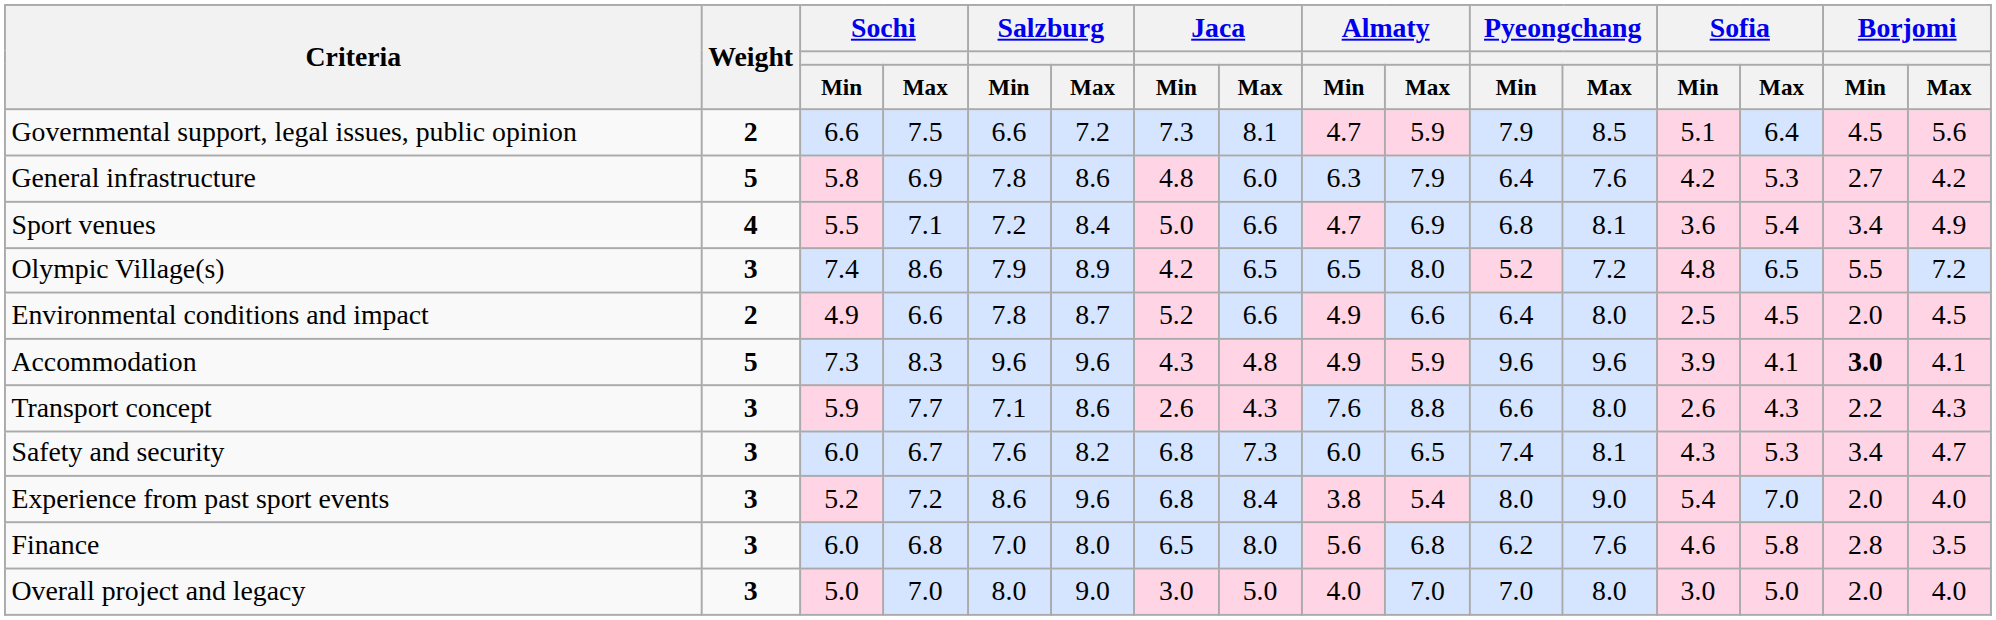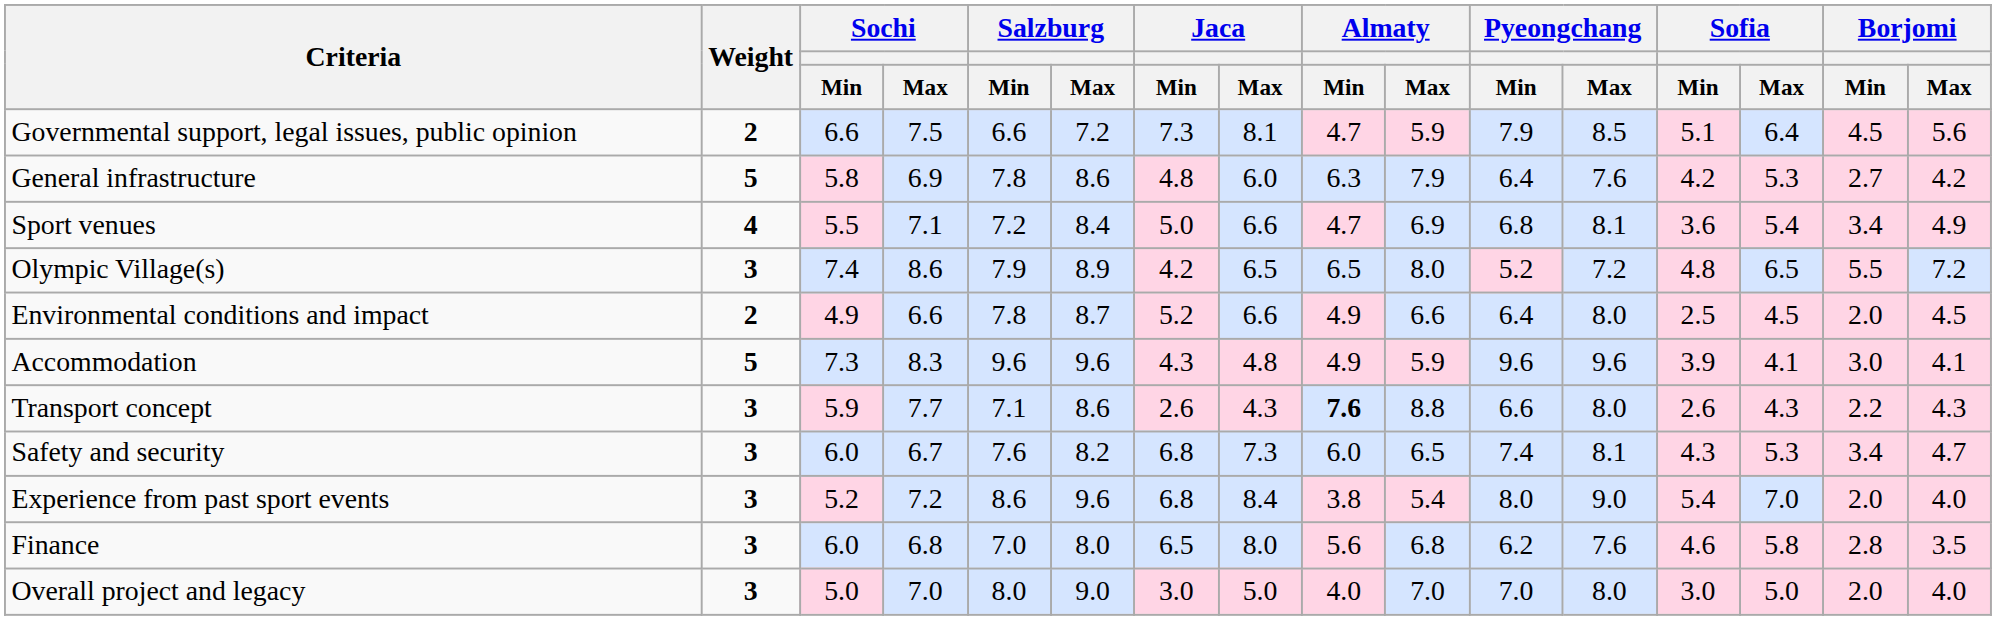 <table class="wikitable" style="margin:1em auto; width: 1030px; text-align:center; font-size:90%">
 <tr>
 <th rowspan="3">Criteria</th>
 <th width="30px" rowspan="3">Weight</th>
 <th width="80px" colspan="2" valign="bottom"><a href='#'>Sochi</a></th>
 <th width="80px" colspan="2" valign="bottom"><a href='#'>Salzburg</a></th>
 <th width="80px" colspan="2" valign="bottom"><a href='#'>Jaca</a></th>
 <th width="80px" colspan="2" valign="bottom"><a href='#'>Almaty</a></th>
 <th width="90px" colspan="2" valign="bottom"><a href='#'>Pyeongchang</a></th>
 <th width="80px" colspan="2" valign="bottom"><a href='#'>Sofia</a></th>
 <th width="80px" colspan="2" valign="bottom"><a href='#'>Borjomi</a></th>
 </tr>
 <tr>
 <th colspan="2"></th>
 <th colspan="2"></th>
 <th colspan="2"></th>
 <th colspan="2"></th>
 <th colspan="2"></th>
 <th colspan="2"></th>
 <th colspan="2"></th>
 </tr>
 <tr>
 <th width="25px"><small>Min</small></th>
 <th width="25px"><small>Max</small></th>
 <th width="25px"><small>Min</small></th>
 <th width="25px"><small>Max</small></th>
 <th width="25px"><small>Min</small></th>
 <th width="25px"><small>Max</small></th>
 <th width="25px"><small>Min</small></th>
 <th width="25px"><small>Max</small></th>
 <th width="25px"><small>Min</small></th>
 <th width="25px"><small>Max</small></th>
 <th width="25px"><small>Min</small></th>
 <th width="25px"><small>Max</small></th>
 <th width="25px"><small>Min</small></th>
 <th width="25px"><small>Max</small></th>
 </tr>
 <tr>
 <td align="left">Governmental support, legal issues, public opinion</td>
 <td><strong>2</strong></td>
 <td style="background: #d5e5ff">6.6</td>
 <td style="background: #d5e5ff">7.5</td>
 <td style="background: #d5e5ff">6.6</td>
 <td style="background: #d5e5ff">7.2</td>
 <td style="background: #d5e5ff">7.3</td>
 <td style="background: #d5e5ff">8.1</td>
 <td style="background: #ffd5e5">4.7</td>
 <td style="background: #ffd5e5">5.9</td>
 <td style="background: #d5e5ff">7.9</td>
 <td style="background: #d5e5ff">8.5</td>
 <td style="background: #ffd5e5">5.1</td>
 <td style="background: #d5e5ff">6.4</td>
 <td style="background: #ffd5e5">4.5</td>
 <td style="background: #ffd5e5">5.6</td>
 </tr>
 <tr>
 <td align="left">General infrastructure</td>
 <td><strong>5</strong></td>
 <td style="background: #ffd5e5">5.8</td>
 <td style="background: #d5e5ff">6.9</td>
 <td style="background: #d5e5ff">7.8</td>
 <td style="background: #d5e5ff">8.6</td>
 <td style="background: #ffd5e5">4.8</td>
 <td style="background: #d5e5ff">6.0</td>
 <td style="background: #d5e5ff">6.3</td>
 <td style="background: #d5e5ff">7.9</td>
 <td style="background: #d5e5ff">6.4</td>
 <td style="background: #d5e5ff">7.6</td>
 <td style="background: #ffd5e5">4.2</td>
 <td style="background: #ffd5e5">5.3</td>
 <td style="background: #ffd5e5">2.7</td>
 <td style="background: #ffd5e5">4.2</td>
 </tr>
 <tr>
 <td align="left">Sport venues</td>
 <td><strong>4</strong></td>
 <td style="background: #ffd5e5">5.5</td>
 <td style="background: #d5e5ff">7.1</td>
 <td style="background: #d5e5ff">7.2</td>
 <td style="background: #d5e5ff">8.4</td>
 <td style="background: #ffd5e5">5.0</td>
 <td style="background: #d5e5ff">6.6</td>
 <td style="background: #ffd5e5">4.7</td>
 <td style="background: #d5e5ff">6.9</td>
 <td style="background: #d5e5ff">6.8</td>
 <td style="background: #d5e5ff">8.1</td>
 <td style="background: #ffd5e5">3.6</td>
 <td style="background: #ffd5e5">5.4</td>
 <td style="background: #ffd5e5">3.4</td>
 <td style="background: #ffd5e5">4.9</td>
 </tr>
 <tr>
 <td align="left">Olympic Village(s)</td>
 <td><strong>3</strong></td>
 <td style="background: #d5e5ff">7.4</td>
 <td style="background: #d5e5ff">8.6</td>
 <td style="background: #d5e5ff">7.9</td>
 <td style="background: #d5e5ff">8.9</td>
 <td style="background: #ffd5e5">4.2</td>
 <td style="background: #d5e5ff">6.5</td>
 <td style="background: #d5e5ff">6.5</td>
 <td style="background: #d5e5ff">8.0</td>
 <td style="background: #ffd5e5">5.2</td>
 <td style="background: #d5e5ff">7.2</td>
 <td style="background: #ffd5e5">4.8</td>
 <td style="background: #d5e5ff">6.5</td>
 <td style="background: #ffd5e5">5.5</td>
 <td style="background: #d5e5ff">7.2</td>
 </tr>
 <tr>
 <td align="left">Environmental conditions and impact</td>
 <td><strong>2</strong></td>
 <td style="background: #ffd5e5">4.9</td>
 <td style="background: #d5e5ff">6.6</td>
 <td style="background: #d5e5ff">7.8</td>
 <td style="background: #d5e5ff">8.7</td>
 <td style="background: #ffd5e5">5.2</td>
 <td style="background: #d5e5ff">6.6</td>
 <td style="background: #ffd5e5">4.9</td>
 <td style="background: #d5e5ff">6.6</td>
 <td style="background: #d5e5ff">6.4</td>
 <td style="background: #d5e5ff">8.0</td>
 <td style="background: #ffd5e5">2.5</td>
 <td style="background: #ffd5e5">4.5</td>
 <td style="background: #ffd5e5">2.0</td>
 <td style="background: #ffd5e5">4.5</td>
 </tr>
 <tr>
 <td align="left">Accommodation</td>
 <td><strong>5</strong></td>
 <td style="background: #d5e5ff">7.3</td>
 <td style="background: #d5e5ff">8.3</td>
 <td style="background: #d5e5ff">9.6</td>
 <td style="background: #d5e5ff">9.6</td>
 <td style="background: #ffd5e5">4.3</td>
 <td style="background: #ffd5e5">4.8</td>
 <td style="background: #ffd5e5">4.9</td>
 <td style="background: #ffd5e5">5.9</td>
 <td style="background: #d5e5ff">9.6</td>
 <td style="background: #d5e5ff">9.6</td>
 <td style="background: #ffd5e5">3.9</td>
 <td style="background: #ffd5e5">4.1</td>
-<td style="background: #ffd5e5"><strong>3.0</strong></td>
+<td style="background: #ffd5e5">3.0</td>
 <td style="background: #ffd5e5">4.1</td>
 </tr>
 <tr>
 <td align="left">Transport concept</td>
 <td><strong>3</strong></td>
 <td style="background: #ffd5e5">5.9</td>
 <td style="background: #d5e5ff">7.7</td>
 <td style="background: #d5e5ff">7.1</td>
 <td style="background: #d5e5ff">8.6</td>
 <td style="background: #ffd5e5">2.6</td>
 <td style="background: #ffd5e5">4.3</td>
-<td style="background: #d5e5ff">7.6</td>
+<td style="background: #d5e5ff"><strong>7.6</strong></td>
 <td style="background: #d5e5ff">8.8</td>
 <td style="background: #d5e5ff">6.6</td>
 <td style="background: #d5e5ff">8.0</td>
 <td style="background: #ffd5e5">2.6</td>
 <td style="background: #ffd5e5">4.3</td>
 <td style="background: #ffd5e5">2.2</td>
 <td style="background: #ffd5e5">4.3</td>
 </tr>
 <tr>
 <td align="left">Safety and security</td>
 <td><strong>3</strong></td>
 <td style="background: #d5e5ff">6.0</td>
 <td style="background: #d5e5ff">6.7</td>
 <td style="background: #d5e5ff">7.6</td>
 <td style="background: #d5e5ff">8.2</td>
 <td style="background: #d5e5ff">6.8</td>
 <td style="background: #d5e5ff">7.3</td>
 <td style="background: #d5e5ff">6.0</td>
 <td style="background: #d5e5ff">6.5</td>
 <td style="background: #d5e5ff">7.4</td>
 <td style="background: #d5e5ff">8.1</td>
 <td style="background: #ffd5e5">4.3</td>
 <td style="background: #ffd5e5">5.3</td>
 <td style="background: #ffd5e5">3.4</td>
 <td style="background: #ffd5e5">4.7</td>
 </tr>
 <tr>
 <td align="left">Experience from past sport events</td>
 <td><strong>3</strong></td>
 <td style="background: #ffd5e5">5.2</td>
 <td style="background: #d5e5ff">7.2</td>
 <td style="background: #d5e5ff">8.6</td>
 <td style="background: #d5e5ff">9.6</td>
 <td style="background: #d5e5ff">6.8</td>
 <td style="background: #d5e5ff">8.4</td>
 <td style="background: #ffd5e5">3.8</td>
 <td style="background: #ffd5e5">5.4</td>
 <td style="background: #d5e5ff">8.0</td>
 <td style="background: #d5e5ff">9.0</td>
 <td style="background: #ffd5e5">5.4</td>
 <td style="background: #d5e5ff">7.0</td>
 <td style="background: #ffd5e5">2.0</td>
 <td style="background: #ffd5e5">4.0</td>
 </tr>
 <tr>
 <td align="left">Finance</td>
 <td><strong>3</strong></td>
 <td style="background: #d5e5ff">6.0</td>
 <td style="background: #d5e5ff">6.8</td>
 <td style="background: #d5e5ff">7.0</td>
 <td style="background: #d5e5ff">8.0</td>
 <td style="background: #d5e5ff">6.5</td>
 <td style="background: #d5e5ff">8.0</td>
 <td style="background: #ffd5e5">5.6</td>
 <td style="background: #d5e5ff">6.8</td>
 <td style="background: #d5e5ff">6.2</td>
 <td style="background: #d5e5ff">7.6</td>
 <td style="background: #ffd5e5">4.6</td>
 <td style="background: #ffd5e5">5.8</td>
 <td style="background: #ffd5e5">2.8</td>
 <td style="background: #ffd5e5">3.5</td>
 </tr>
 <tr>
 <td align="left">Overall project and legacy</td>
 <td><strong>3</strong></td>
 <td style="background: #ffd5e5">5.0</td>
 <td style="background: #d5e5ff">7.0</td>
 <td style="background: #d5e5ff">8.0</td>
 <td style="background: #d5e5ff">9.0</td>
 <td style="background: #ffd5e5">3.0</td>
 <td style="background: #ffd5e5">5.0</td>
 <td style="background: #ffd5e5">4.0</td>
 <td style="background: #d5e5ff">7.0</td>
 <td style="background: #d5e5ff">7.0</td>
 <td style="background: #d5e5ff">8.0</td>
 <td style="background: #ffd5e5">3.0</td>
 <td style="background: #ffd5e5">5.0</td>
 <td style="background: #ffd5e5">2.0</td>
 <td style="background: #ffd5e5">4.0</td>
 </tr>
 </table>
